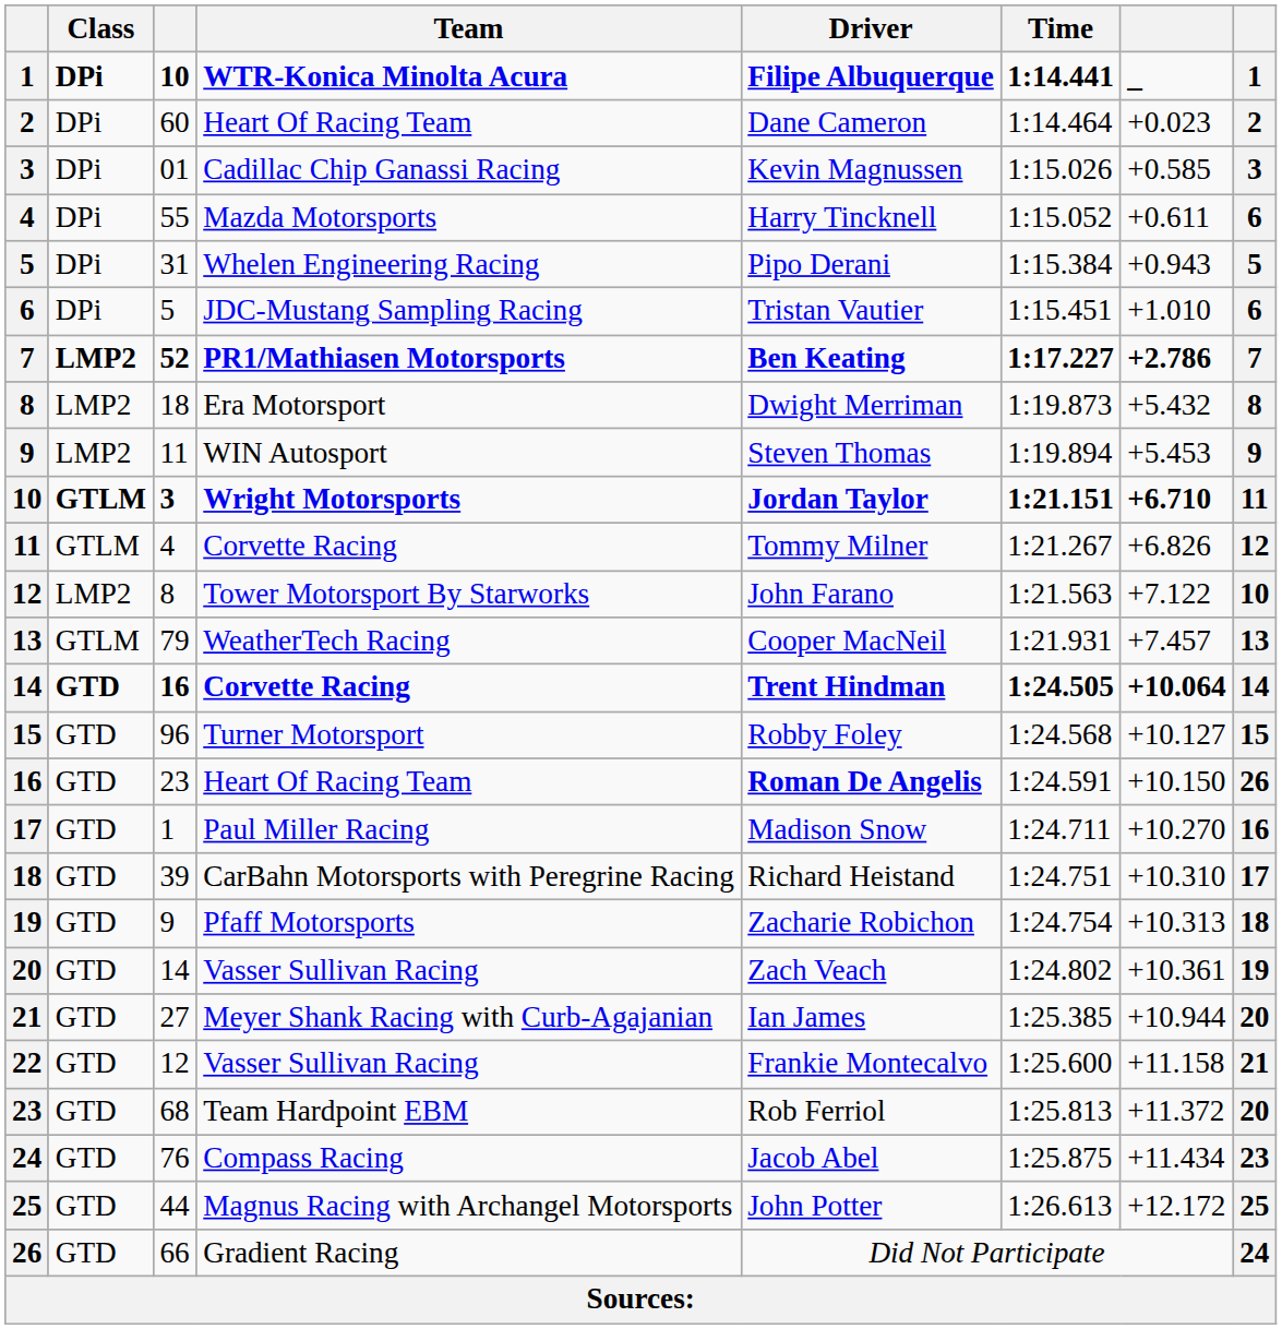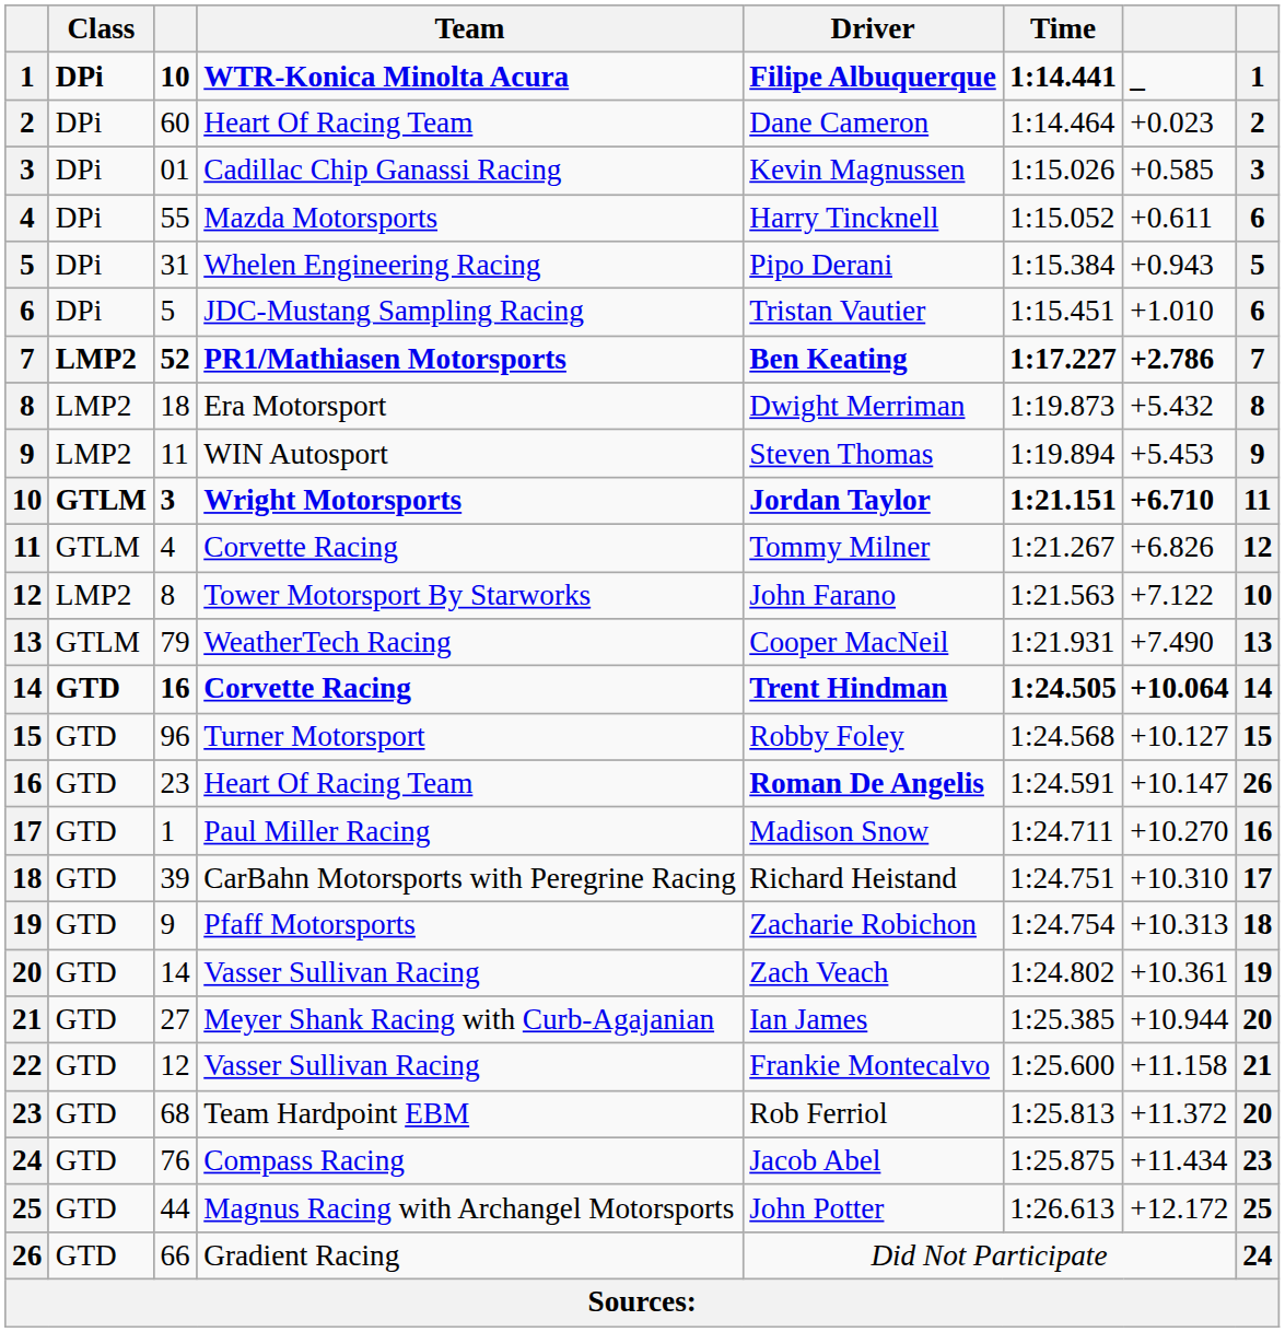 <table class="wikitable">
 <tr>
 <th scope="col"></th>
 <th scope="col">Class</th>
 <th scope="col"></th>
 <th scope="col">Team</th>
 <th scope="col">Driver</th>
 <th scope="col">Time</th>
 <th scope="col"></th>
 <th scope="col"></th>
 </tr>
 <tr style="font-weight:bold">
 <th scope="row">1</th>
 <td>DPi</td>
 <td>10</td>
 <td> <a href='#'>WTR-Konica Minolta Acura</a></td>
 <td> <a href='#'>Filipe Albuquerque</a></td>
 <td>1:14.441</td>
 <td>_</td>
 <th><strong>1</strong></th>
 </tr>
 <tr>
 <th scope="row">2</th>
 <td>DPi</td>
 <td>60</td>
 <td> <a href='#'>Heart Of Racing Team</a></td>
 <td> <a href='#'>Dane Cameron</a></td>
 <td>1:14.464</td>
 <td>+0.023</td>
 <th>2</th>
 </tr>
 <tr>
 <th scope="row">3</th>
 <td>DPi</td>
 <td>01</td>
 <td> <a href='#'>Cadillac Chip Ganassi Racing</a></td>
 <td> <a href='#'>Kevin Magnussen</a></td>
 <td>1:15.026</td>
 <td>+0.585</td>
 <th>3</th>
 </tr>
 <tr>
 <th scope="row">4</th>
 <td>DPi</td>
 <td>55</td>
 <td> <a href='#'>Mazda Motorsports</a></td>
 <td> <a href='#'>Harry Tincknell</a></td>
 <td>1:15.052</td>
 <td>+0.611</td>
 <th>6</th>
 </tr>
 <tr>
 <th scope="row">5</th>
 <td>DPi</td>
 <td>31</td>
 <td> <a href='#'>Whelen Engineering Racing</a></td>
 <td> <a href='#'>Pipo Derani</a></td>
 <td>1:15.384</td>
 <td>+0.943</td>
 <th>5</th>
 </tr>
 <tr>
 <th scope="row">6</th>
 <td>DPi</td>
 <td>5</td>
 <td> <a href='#'>JDC-Mustang Sampling Racing</a></td>
 <td> <a href='#'>Tristan Vautier</a></td>
 <td>1:15.451</td>
 <td>+1.010</td>
 <th>6</th>
 </tr>
 <tr style="font-weight:bold">
 <th scope="row">7</th>
 <td>LMP2</td>
 <td>52</td>
 <td> <a href='#'>PR1/Mathiasen Motorsports</a></td>
 <td> <a href='#'>Ben Keating</a></td>
 <td>1:17.227</td>
 <td>+2.786</td>
 <th><strong>7</strong></th>
 </tr>
 <tr>
 <th scope="row">8</th>
 <td>LMP2</td>
 <td>18</td>
 <td> Era Motorsport</td>
 <td> <a href='#'>Dwight Merriman</a></td>
 <td>1:19.873</td>
 <td>+5.432</td>
 <th>8</th>
 </tr>
 <tr>
 <th scope="row">9</th>
 <td>LMP2</td>
 <td>11</td>
 <td> WIN Autosport</td>
 <td> <a href='#'>Steven Thomas</a></td>
 <td>1:19.894</td>
 <td>+5.453</td>
 <th>9</th>
 </tr>
 <tr style="font-weight:bold">
 <th scope="row">10</th>
 <td>GTLM</td>
 <td>3</td>
 <td> <a href='#'>Wright Motorsports</a></td>
 <td> <a href='#'>Jordan Taylor</a></td>
 <td>1:21.151</td>
 <td>+6.710</td>
 <th><strong>11</strong></th>
 </tr>
 <tr>
 <th scope="row">11</th>
 <td>GTLM</td>
 <td>4</td>
 <td> <a href='#'>Corvette Racing</a></td>
 <td> <a href='#'>Tommy Milner</a></td>
 <td>1:21.267</td>
 <td>+6.826</td>
 <th>12</th>
 </tr>
 <tr>
 <th scope="row">12</th>
 <td>LMP2</td>
 <td>8</td>
 <td> <a href='#'>Tower Motorsport By Starworks</a></td>
 <td> <a href='#'>John Farano</a></td>
 <td>1:21.563</td>
 <td>+7.122</td>
 <th>10</th>
 </tr>
 <tr>
 <th scope="row">13</th>
 <td>GTLM</td>
 <td>79</td>
 <td> <a href='#'>WeatherTech Racing</a></td>
 <td> <a href='#'>Cooper MacNeil</a></td>
 <td>1:21.931</td>
-<td>+7.457</td>
+<td>+7.490</td>
 <th><strong>13</strong></th>
 </tr>
 <tr style="font-weight:bold">
 <th scope="row">14</th>
 <td>GTD</td>
 <td>16</td>
 <td> <a href='#'>Corvette Racing</a></td>
 <td> <a href='#'>Trent Hindman</a></td>
 <td>1:24.505</td>
 <td>+10.064</td>
 <th>14</th>
 </tr>
 <tr>
 <th scope="row">15</th>
 <td>GTD</td>
 <td>96</td>
 <td> <a href='#'>Turner Motorsport</a></td>
 <td> <a href='#'>Robby Foley</a></td>
 <td>1:24.568</td>
 <td>+10.127</td>
 <th>15</th>
 </tr>
 <tr>
 <th scope="row">16</th>
 <td>GTD</td>
 <td>23</td>
 <td> <a href='#'>Heart Of Racing Team</a></td>
 <td><strong> <a href='#'>Roman De Angelis</a></strong></td>
 <td>1:24.591</td>
-<td>+10.150</td>
+<td>+10.147</td>
 <th>26</th>
 </tr>
 <tr>
 <th scope="row">17</th>
 <td>GTD</td>
 <td>1</td>
 <td> <a href='#'>Paul Miller Racing</a></td>
 <td> <a href='#'>Madison Snow</a></td>
 <td>1:24.711</td>
 <td>+10.270</td>
 <th>16</th>
 </tr>
 <tr>
 <th scope="row">18</th>
 <td>GTD</td>
 <td>39</td>
 <td> CarBahn Motorsports with Peregrine Racing</td>
 <td> Richard Heistand</td>
 <td>1:24.751</td>
 <td>+10.310</td>
 <th>17</th>
 </tr>
 <tr>
 <th scope="row">19</th>
 <td>GTD</td>
 <td>9</td>
 <td> <a href='#'>Pfaff Motorsports</a></td>
 <td> <a href='#'>Zacharie Robichon</a></td>
 <td>1:24.754</td>
 <td>+10.313</td>
 <th>18</th>
 </tr>
 <tr>
 <th scope="row">20</th>
 <td>GTD</td>
 <td>14</td>
 <td> <a href='#'>Vasser Sullivan Racing</a></td>
 <td> <a href='#'>Zach Veach</a></td>
 <td>1:24.802</td>
 <td>+10.361</td>
 <th>19</th>
 </tr>
 <tr>
 <th scope="row">21</th>
 <td>GTD</td>
 <td>27</td>
 <td> <a href='#'>Meyer Shank Racing</a> with <a href='#'>Curb-Agajanian</a></td>
 <td> <a href='#'>Ian James</a></td>
 <td>1:25.385</td>
 <td>+10.944</td>
 <th>20</th>
 </tr>
 <tr>
 <th scope="row">22</th>
 <td>GTD</td>
 <td>12</td>
 <td> <a href='#'>Vasser Sullivan Racing</a></td>
 <td> <a href='#'>Frankie Montecalvo</a></td>
 <td>1:25.600</td>
 <td>+11.158</td>
 <th>21</th>
 </tr>
 <tr>
 <th scope="row">23</th>
 <td>GTD</td>
 <td>68</td>
 <td> Team Hardpoint <a href='#'>EBM</a></td>
 <td> Rob Ferriol</td>
 <td>1:25.813</td>
 <td>+11.372</td>
 <th>20</th>
 </tr>
 <tr>
 <th scope="row">24</th>
 <td>GTD</td>
 <td>76</td>
 <td> <a href='#'>Compass Racing</a></td>
 <td> <a href='#'>Jacob Abel</a></td>
 <td>1:25.875</td>
 <td>+11.434</td>
 <th>23</th>
 </tr>
 <tr>
 <th scope="row">25</th>
 <td>GTD</td>
 <td>44</td>
 <td> <a href='#'>Magnus Racing</a> with Archangel Motorsports</td>
 <td> <a href='#'>John Potter</a></td>
 <td>1:26.613</td>
 <td>+12.172</td>
 <th>25</th>
 </tr>
 <tr>
 <th scope="row">26</th>
 <td>GTD</td>
 <td>66</td>
 <td> Gradient Racing</td>
 <td colspan="3" align="center"><em>Did Not Participate</em></td>
 <th>24</th>
 </tr>
 <tr>
 <th colspan="8">Sources:</th>
 </tr>
 <tr>
 </tr>
 </table>
